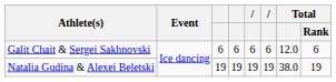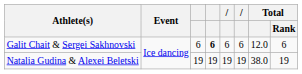 <table class="wikitable" style="font-size:90%">
 <tr>
 <th rowspan="2">Athlete(s)</th>
 <th rowspan="2">Event</th>
 <th></th>
 <th></th>
 <th>/</th>
 <th>/</th>
 <th colspan="2">Total</th>
 </tr>
 <tr>
 <th></th>
 <th></th>
 <th></th>
 <th></th>
 <th></th>
 <th>Rank</th>
 </tr>
 <tr align="center">
 <td align="left"><a href='#'>Galit Chait</a> & <a href='#'>Sergei Sakhnovski</a></td>
 <td align="left" rowspan=2><a href='#'>Ice dancing</a></td>
 <td>6</td>
-<td>6</td>
+<td><strong>6</strong></td>
 <td>6</td>
 <td>6</td>
 <td>12.0</td>
 <td>6</td>
 </tr>
 <tr align="center">
 <td align="left"><a href='#'>Natalia Gudina</a> & <a href='#'>Alexei Beletski</a></td>
 <td>19</td>
 <td>19</td>
 <td>19</td>
 <td>19</td>
 <td>38.0</td>
 <td>19</td>
 </tr>
 </table>
